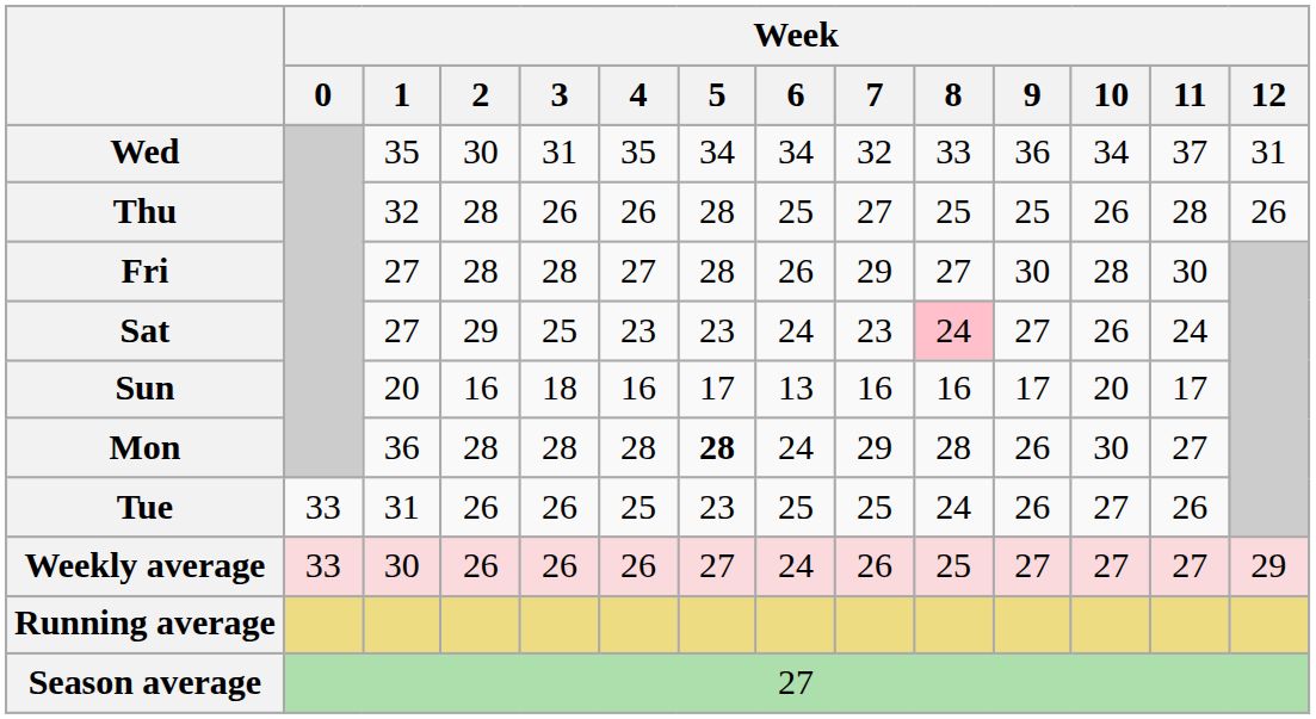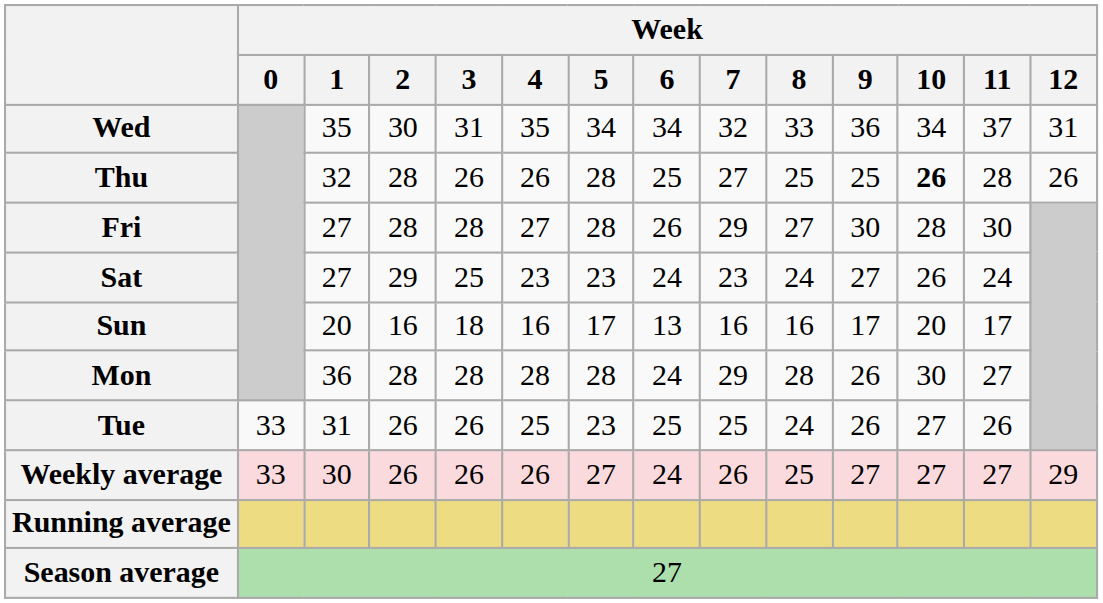 <table class="wikitable" style="font-size:90%; text-align:center;">
 <tr>
 <th rowspan=2></th>
 <th colspan=13>Week</th>
 </tr>
 <tr>
 <th width=25>0</th>
 <th width=25>1</th>
 <th width=25>2</th>
 <th width=25>3</th>
 <th width=25>4</th>
 <th width=25>5</th>
 <th width=25>6</th>
 <th width=25>7</th>
 <th width=25>8</th>
 <th width=25>9</th>
 <th width=25>10</th>
 <th width=25>11</th>
 <th width=25>12</th>
 </tr>
 <tr>
 <th>Wed</th>
 <td width = 25 rowspan=6 bgcolor="CCCCCC"></td>
 <td width = 25>35</td>
 <td>30</td>
 <td>31</td>
 <td>35</td>
 <td>34</td>
 <td>34</td>
 <td>32</td>
 <td>33</td>
 <td>36</td>
 <td>34</td>
 <td>37</td>
 <td>31</td>
 </tr>
 <tr>
 <th>Thu</th>
 <td>32</td>
 <td>28</td>
 <td>26</td>
 <td>26</td>
 <td>28</td>
 <td>25</td>
 <td>27</td>
 <td>25</td>
 <td>25</td>
-<td>26</td>
+<td><strong>26</strong></td>
 <td>28</td>
 <td>26</td>
 </tr>
 <tr>
 <th>Fri</th>
 <td>27</td>
 <td>28</td>
 <td>28</td>
 <td>27</td>
 <td>28</td>
 <td>26</td>
 <td>29</td>
 <td>27</td>
 <td>30</td>
 <td>28</td>
 <td>30</td>
 <td rowspan=5 bgcolor="CCCCCC"></td>
 </tr>
 <tr>
 <th>Sat</th>
 <td>27</td>
 <td>29</td>
 <td>25</td>
 <td>23</td>
 <td>23</td>
 <td>24</td>
 <td>23</td>
-<td style="background: pink;">24</td>
+<td>24</td>
 <td>27</td>
 <td>26</td>
 <td>24</td>
 </tr>
 <tr>
 <th>Sun</th>
 <td>20</td>
 <td>16</td>
 <td>18</td>
 <td>16</td>
 <td>17</td>
 <td>13</td>
 <td>16</td>
 <td>16</td>
 <td>17</td>
 <td>20</td>
 <td>17</td>
 </tr>
 <tr>
 <th>Mon</th>
 <td>36</td>
 <td>28</td>
 <td>28</td>
 <td>28</td>
-<td><strong>28</strong></td>
+<td>28</td>
 <td>24</td>
 <td>29</td>
 <td>28</td>
 <td>26</td>
 <td>30</td>
 <td>27</td>
 </tr>
 <tr>
 <th>Tue</th>
 <td>33</td>
 <td>31</td>
 <td>26</td>
 <td>26</td>
 <td>25</td>
 <td>23</td>
 <td>25</td>
 <td>25</td>
 <td>24</td>
 <td>26</td>
 <td>27</td>
 <td>26</td>
 </tr>
 <tr bgcolor="FADADD"|>
 <th>Weekly average</th>
 <td bgcolor="FADADD">33</td>
 <td bgcolor="FADADD">30</td>
 <td bgcolor="FADADD">26</td>
 <td bgcolor="FADADD">26</td>
 <td bgcolor="FADADD">26</td>
 <td bgcolor="FADADD">27</td>
 <td bgcolor="FADADD">24</td>
 <td bgcolor="FADADD">26</td>
 <td bgcolor="FADADD">25</td>
 <td bgcolor="FADADD">27</td>
 <td bgcolor="FADADD">27</td>
 <td bgcolor="FADADD">27</td>
 <td bgcolor="FADADD">29</td>
 </tr>
 <tr>
 <th>Running average</th>
 <td bgcolor="EEDC82"></td>
 <td bgcolor="EEDC82"></td>
 <td bgcolor="EEDC82"></td>
 <td bgcolor="EEDC82"></td>
 <td bgcolor="EEDC82"></td>
 <td bgcolor="EEDC82"></td>
 <td bgcolor="EEDC82"></td>
 <td bgcolor="EEDC82"></td>
 <td bgcolor="EEDC82"></td>
 <td bgcolor="EEDC82"></td>
 <td bgcolor="EEDC82"></td>
 <td bgcolor="EEDC82"></td>
 <td bgcolor="EEDC82"></td>
 </tr>
 <tr>
 <th>Season average</th>
 <td bgcolor="ADDFAD" colspan=13>27</td>
 </tr>
 </table>
